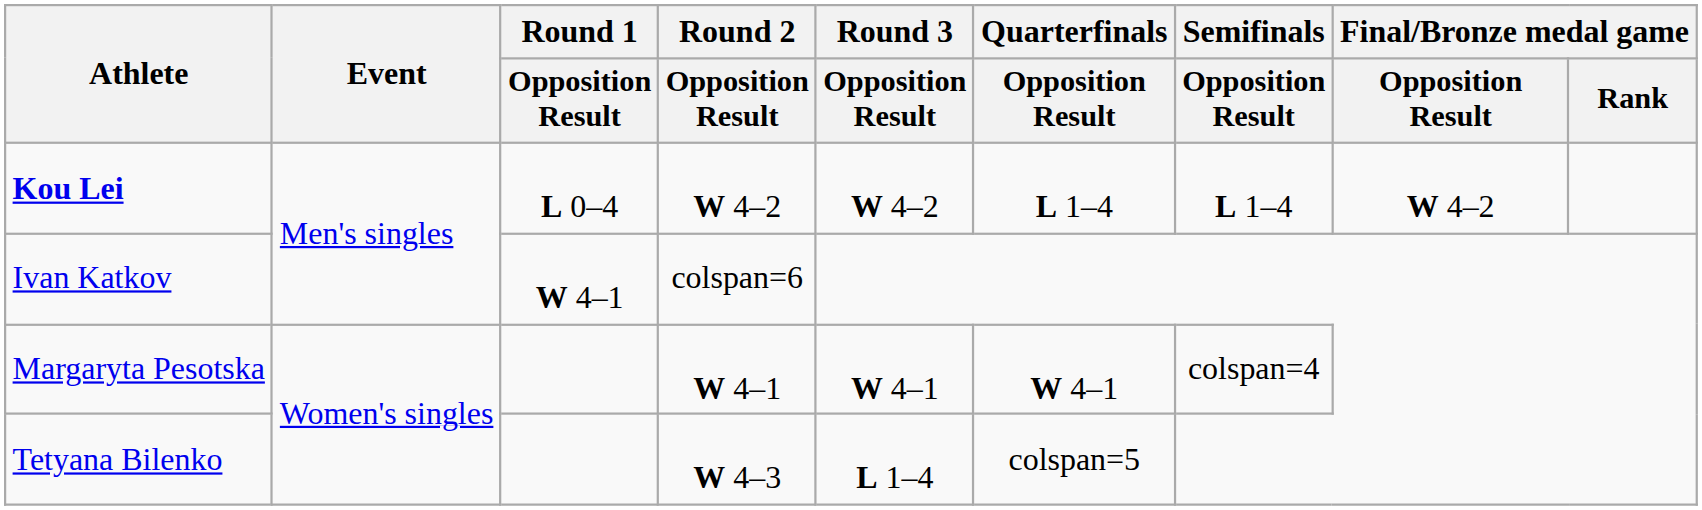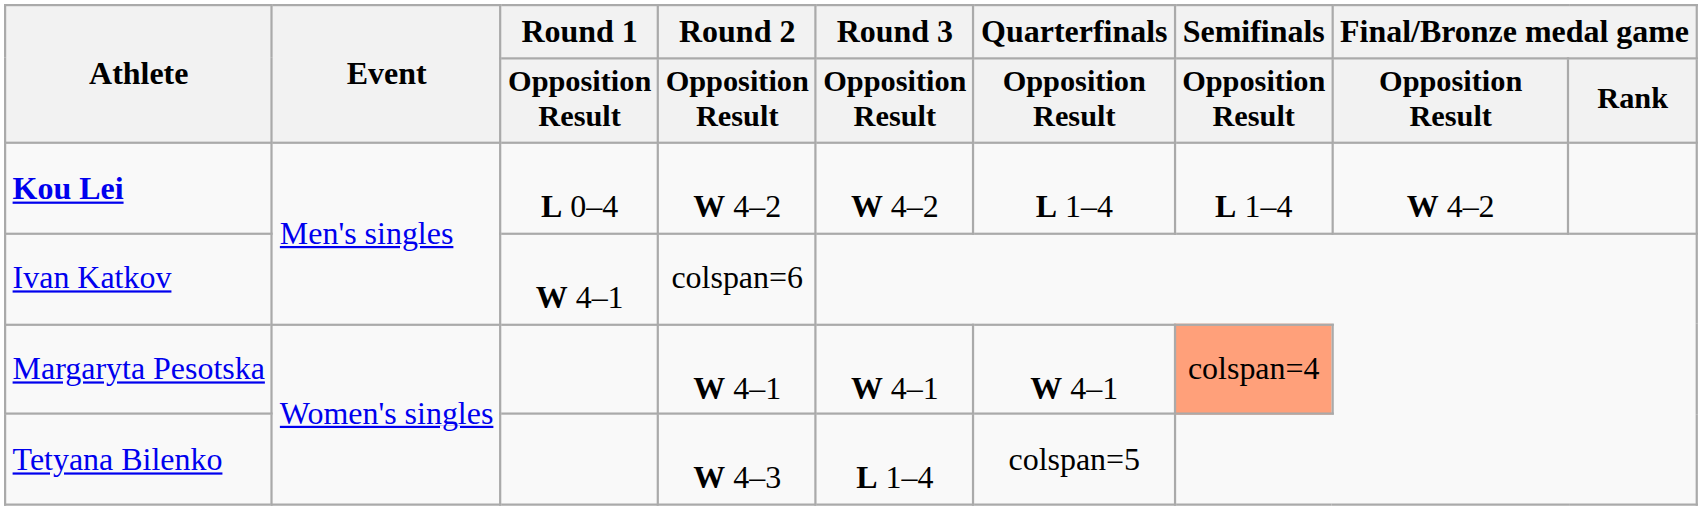 <table class="wikitable" style="text-align:center; font-size:90%">
 <tr>
 <th rowspan=2>Athlete</th>
 <th rowspan=2>Event</th>
 <th>Round 1</th>
 <th>Round 2</th>
 <th>Round 3</th>
 <th>Quarterfinals</th>
 <th>Semifinals</th>
 <th colspan=2>Final/Bronze medal game</th>
 </tr>
 <tr style="font-size:95%">
 <th>Opposition<br>Result</th>
 <th>Opposition<br>Result</th>
 <th>Opposition<br>Result</th>
 <th>Opposition<br>Result</th>
 <th>Opposition<br>Result</th>
 <th>Opposition<br>Result</th>
 <th>Rank</th>
 </tr>
 <tr>
 <td align=left><strong><a href='#'>Kou Lei</a></strong></td>
 <td align=left rowspan=2><a href='#'>Men's singles</a></td>
 <td><br> <strong>L</strong> 0–4</td>
 <td><br> <strong>W</strong> 4–2</td>
 <td><br> <strong>W</strong> 4–2</td>
 <td><br> <strong>L</strong> 1–4</td>
 <td><br> <strong>L</strong> 1–4</td>
 <td><br> <strong>W</strong> 4–2</td>
 <td></td>
 </tr>
 <tr>
 <td align=left><a href='#'>Ivan Katkov</a></td>
 <td><br> <strong>W</strong> 4–1</td>
 <td>colspan=6 </td>
 </tr>
 <tr>
 <td align=left><a href='#'>Margaryta Pesotska</a></td>
 <td align=left rowspan=2><a href='#'>Women's singles</a></td>
 <td></td>
 <td><br> <strong>W</strong> 4–1</td>
 <td><br> <strong>W</strong> 4–1</td>
 <td><br> <strong>W</strong> 4–1</td>
-<td>colspan=4 </td>
+<td style="background: lightsalmon;">colspan=4 </td>
 </tr>
 <tr>
 <td align=left><a href='#'>Tetyana Bilenko</a></td>
 <td></td>
 <td><br> <strong>W</strong> 4–3</td>
 <td><br> <strong>L</strong> 1–4</td>
 <td>colspan=5 </td>
 </tr>
 </table>
